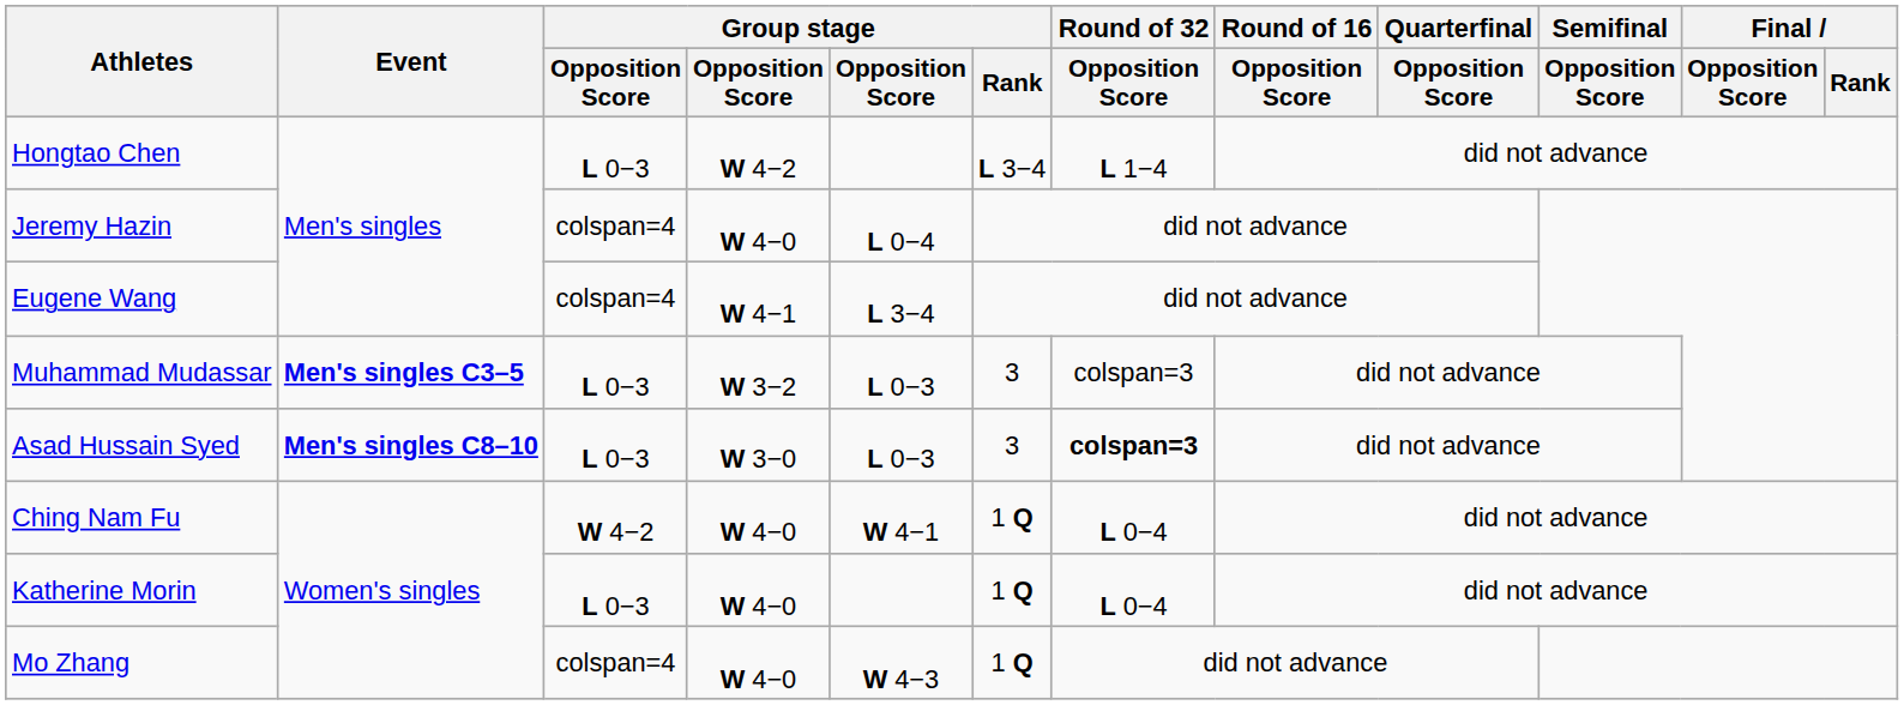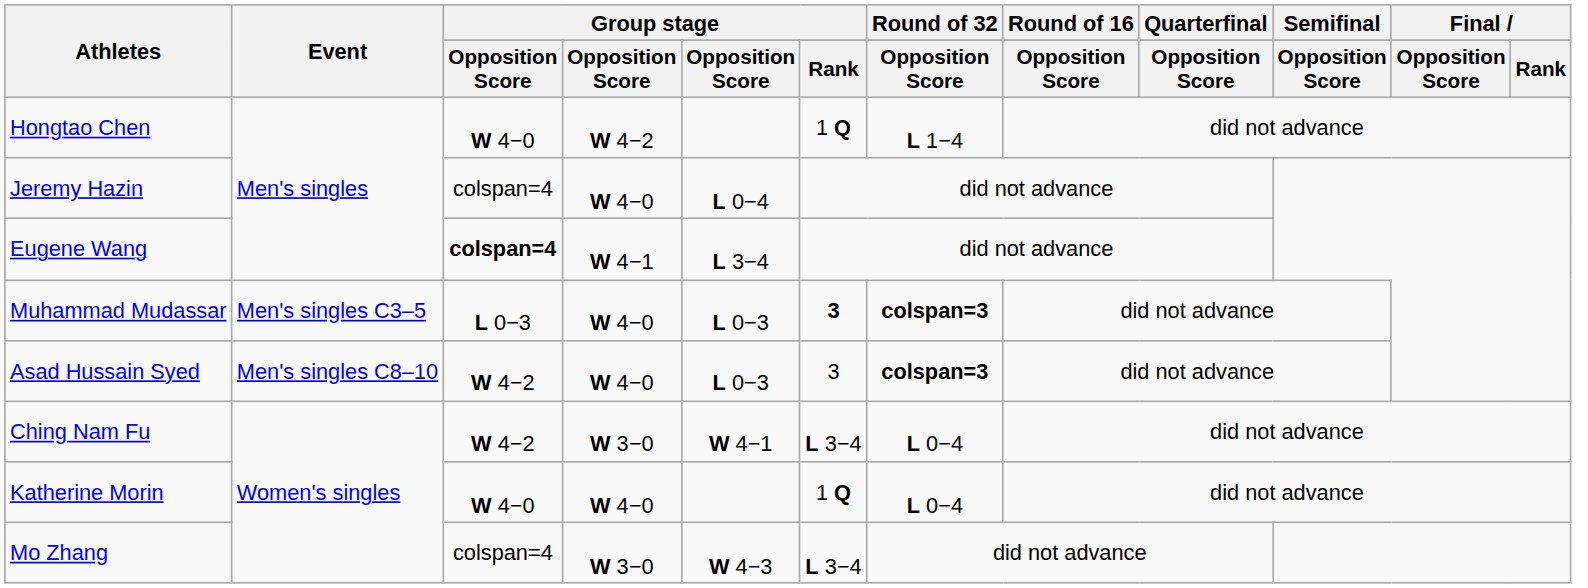 <table class=wikitable style=font-size:81%;text-align:center>
 <tr>
 <th rowspan=2>Athletes</th>
 <th rowspan=2>Event</th>
 <th colspan=4>Group stage</th>
 <th>Round of 32</th>
 <th>Round of 16</th>
 <th>Quarterfinal</th>
 <th>Semifinal</th>
 <th colspan=2>Final / </th>
 </tr>
 <tr style=font-size:95%>
 <th>Opposition<br>Score</th>
 <th>Opposition<br>Score</th>
 <th>Opposition<br>Score</th>
 <th>Rank</th>
 <th>Opposition<br>Score</th>
 <th>Opposition<br>Score</th>
 <th>Opposition<br>Score</th>
 <th>Opposition<br>Score</th>
 <th>Opposition<br>Score</th>
 <th>Rank</th>
 </tr>
 <tr>
 <td align=left><a href='#'>Hongtao Chen</a></td>
 <td align=left rowspan=3><a href='#'>Men's singles</a></td>
-<td><br><strong>L</strong> 0−3</td>
+<td><br><strong>W</strong> 4−0</td>
 <td><br><strong>W</strong> 4−2</td>
 <td></td>
-<td><br><strong>L</strong> 3−4</td>
+<td>1 <strong>Q</strong></td>
 <td><br><strong>L</strong> 1−4</td>
 <td colspan=5>did not advance</td>
 </tr>
 <tr>
 <td align=left><a href='#'>Jeremy Hazin</a></td>
 <td>colspan=4 </td>
 <td><br><strong>W</strong> 4−0</td>
 <td><br><strong>L</strong> 0−4</td>
 <td colspan=4>did not advance</td>
 </tr>
 <tr>
 <td align=left><a href='#'>Eugene Wang</a></td>
-<td>colspan=4 </td>
+<td><strong>colspan=4 </strong></td>
 <td><br><strong>W</strong> 4−1</td>
 <td><br><strong>L</strong> 3−4</td>
 <td colspan=4>did not advance</td>
 </tr>
 <tr>
 <td align=left><a href='#'>Muhammad Mudassar</a></td>
-<td align=left><strong><a href='#'>Men's singles C3–5</a></strong></td>
+<td align=left><a href='#'>Men's singles C3–5</a></td>
 <td><br><strong>L</strong> 0−3</td>
-<td><br><strong>W</strong> 3−2</td>
+<td><br><strong>W</strong> 4−0</td>
 <td><br><strong>L</strong> 0−3</td>
-<td>3</td>
-<td>colspan=3 </td>
+<td><strong>3</strong></td>
+<td><strong>colspan=3 </strong></td>
 <td colspan=3>did not advance</td>
 </tr>
 <tr>
 <td align=left><a href='#'>Asad Hussain Syed</a></td>
-<td align=left><strong><a href='#'>Men's singles C8–10</a></strong></td>
-<td><br><strong>L</strong> 0−3</td>
-<td><br><strong>W</strong> 3−0 <small></small></td>
+<td align=left><a href='#'>Men's singles C8–10</a></td>
+<td><br><strong>W</strong> 4−2</td>
+<td><br><strong>W</strong> 4−0</td>
 <td><br><strong>L</strong> 0−3</td>
 <td>3</td>
 <td><strong>colspan=3 </strong></td>
 <td colspan=3>did not advance</td>
 </tr>
 <tr>
 <td align=left><a href='#'>Ching Nam Fu</a></td>
 <td align=left rowspan=3><a href='#'>Women's singles</a></td>
 <td><br><strong>W</strong> 4−2</td>
-<td><br><strong>W</strong> 4−0</td>
+<td><br><strong>W</strong> 3−0 <small></small></td>
 <td><br><strong>W</strong> 4−1</td>
-<td>1 <strong>Q</strong></td>
+<td><br><strong>L</strong> 3−4</td>
 <td><br><strong>L</strong> 0−4</td>
 <td colspan=5>did not advance</td>
 </tr>
 <tr>
 <td align=left><a href='#'>Katherine Morin</a></td>
-<td><br><strong>L</strong> 0−3</td>
+<td><br><strong>W</strong> 4−0</td>
 <td><br><strong>W</strong> 4−0 <small></small></td>
 <td></td>
 <td>1 <strong>Q</strong></td>
 <td><br><strong>L</strong> 0−4</td>
 <td colspan=5>did not advance</td>
 </tr>
 <tr>
 <td align=left><a href='#'>Mo Zhang</a></td>
 <td>colspan=4 </td>
-<td><br><strong>W</strong> 4−0</td>
+<td><br><strong>W</strong> 3−0 <small></small></td>
 <td><br><strong>W</strong> 4−3</td>
-<td>1 <strong>Q</strong></td>
+<td><br><strong>L</strong> 3−4</td>
 <td colspan=3>did not advance</td>
 </tr>
 </table>
